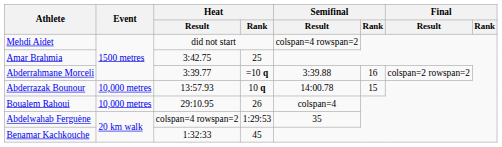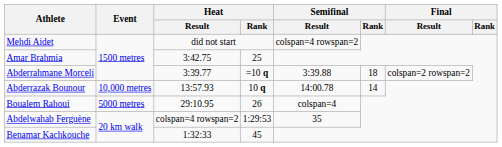 <table class=wikitable style=font-size:90%>
 <tr>
 <th rowspan=2>Athlete</th>
 <th rowspan=2>Event</th>
 <th colspan=2>Heat</th>
 <th colspan=2>Semifinal</th>
 <th colspan=2>Final</th>
 </tr>
 <tr style=font-size:95%>
 <th>Result</th>
 <th>Rank</th>
 <th>Result</th>
 <th>Rank</th>
 <th>Result</th>
 <th>Rank</th>
 </tr>
 <tr align=center>
 <td align=left><a href='#'>Mehdi Aidet</a></td>
 <td align=left rowspan=3><a href='#'>1500 metres</a></td>
 <td colspan=2>did not start</td>
 <td>colspan=4 rowspan=2 </td>
 </tr>
 <tr align=center>
 <td align=left><a href='#'>Amar Brahmia</a></td>
 <td>3:42.75</td>
 <td>25</td>
 </tr>
 <tr align=center>
 <td align=left><a href='#'>Abderrahmane Morceli</a></td>
 <td>3:39.77</td>
 <td>=10 <strong>q</strong></td>
 <td>3:39.88</td>
-<td>16</td>
+<td>18</td>
 <td>colspan=2 rowspan=2 </td>
 </tr>
 <tr align=center>
 <td align=left><a href='#'>Abderrazak Bounour</a></td>
 <td align=left><a href='#'>10,000 metres</a></td>
 <td>13:57.93</td>
 <td>10 <strong>q</strong></td>
 <td>14:00.78</td>
-<td>15</td>
+<td>14</td>
 </tr>
 <tr align=center>
 <td align=left><a href='#'>Boualem Rahoui</a></td>
-<td align=left><a href='#'>10,000 metres</a></td>
+<td align=left><a href='#'>5000 metres</a></td>
 <td>29:10.95</td>
 <td>26</td>
 <td>colspan=4 </td>
 </tr>
 <tr align=center>
 <td align=left><a href='#'>Abdelwahab Ferguène</a></td>
 <td align=left rowspan=2><a href='#'>20 km walk</a></td>
 <td>colspan=4 rowspan=2 </td>
 <td>1:29:53</td>
 <td>35</td>
 </tr>
 <tr align=center>
 <td align=left><a href='#'>Benamar Kachkouche</a></td>
 <td>1:32:33</td>
 <td>45</td>
 </tr>
 </table>
